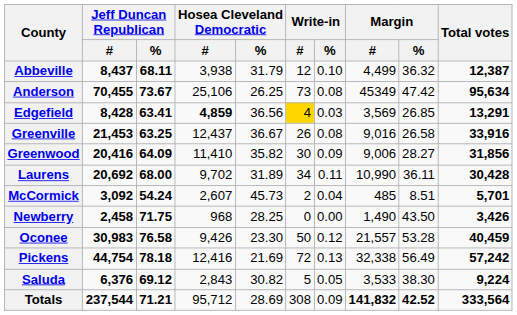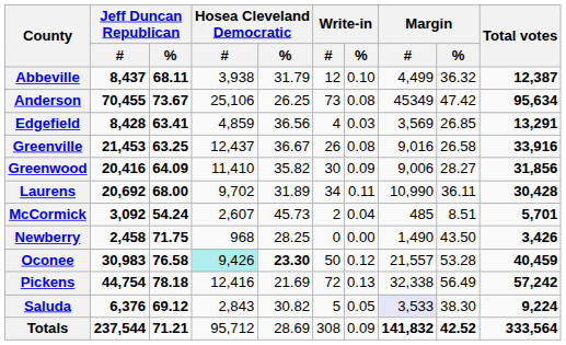 <table class="wikitable sortable"  style="text-align:right">
 <tr>
 <th rowspan="2">County</th>
 <th colspan="2"><a href='#'>Jeff Duncan</a><br><a href='#'>Republican</a></th>
 <th colspan="2">Hosea Cleveland<br><a href='#'>Democratic</a></th>
 <th colspan="2">Write-in</th>
 <th colspan="2">Margin</th>
 <th rowspan="2">Total votes</th>
 </tr>
 <tr>
 <th data-sort-type="number" style="text-align:center;">#</th>
 <th data-sort-type="number" style="text-align:center;">%</th>
 <th data-sort-type="number" style="text-align:center;">#</th>
 <th data-sort-type="number" style="text-align:center;">%</th>
 <th data-sort-type="number" style="text-align:center;">#</th>
 <th data-sort-type="number" style="text-align:center;">%</th>
 <th data-sort-type="number" style="text-align:center;">#</th>
 <th data-sort-type="number" style="text-align:center;">%</th>
 </tr>
 <tr>
 <th><a href='#'>Abbeville</a></th>
 <td><strong>8,437</strong></td>
 <td><strong>68.11</strong></td>
 <td>3,938</td>
 <td>31.79</td>
 <td>12</td>
 <td>0.10</td>
 <td>4,499</td>
 <td>36.32</td>
 <td><strong>12,387</strong></td>
 </tr>
 <tr>
 <th><a href='#'>Anderson</a></th>
 <td><strong>70,455</strong></td>
 <td><strong>73.67</strong></td>
 <td>25,106</td>
 <td>26.25</td>
 <td>73</td>
 <td>0.08</td>
 <td>45349</td>
 <td>47.42</td>
 <td><strong>95,634</strong></td>
 </tr>
 <tr>
 <th><a href='#'>Edgefield</a></th>
 <td><strong>8,428</strong></td>
 <td><strong>63.41</strong></td>
-<td><strong>4,859</strong></td>
+<td>4,859</td>
 <td>36.56</td>
-<td style="background: gold;">4</td>
+<td>4</td>
 <td>0.03</td>
 <td>3,569</td>
 <td>26.85</td>
 <td><strong>13,291</strong></td>
 </tr>
 <tr>
 <th><a href='#'>Greenville</a> </th>
 <td><strong>21,453</strong></td>
 <td><strong>63.25</strong></td>
 <td>12,437</td>
 <td>36.67</td>
 <td>26</td>
 <td>0.08</td>
 <td>9,016</td>
 <td>26.58</td>
 <td><strong>33,916</strong></td>
 </tr>
 <tr>
 <th><a href='#'>Greenwood</a></th>
 <td><strong>20,416</strong></td>
 <td><strong>64.09</strong></td>
 <td>11,410</td>
 <td>35.82</td>
 <td>30</td>
 <td>0.09</td>
 <td>9,006</td>
 <td>28.27</td>
 <td><strong>31,856</strong></td>
 </tr>
 <tr>
 <th><a href='#'>Laurens</a></th>
 <td><strong>20,692</strong></td>
 <td><strong>68.00</strong></td>
 <td>9,702</td>
 <td>31.89</td>
 <td>34</td>
 <td>0.11</td>
 <td>10,990</td>
 <td>36.11</td>
 <td><strong>30,428</strong></td>
 </tr>
 <tr>
 <th><a href='#'>McCormick</a></th>
 <td><strong>3,092</strong></td>
 <td><strong>54.24</strong></td>
 <td>2,607</td>
 <td>45.73</td>
 <td>2</td>
 <td>0.04</td>
 <td>485</td>
 <td>8.51</td>
 <td><strong>5,701</strong></td>
 </tr>
 <tr>
 <th><a href='#'>Newberry</a> </th>
 <td><strong>2,458</strong></td>
 <td><strong>71.75</strong></td>
 <td>968</td>
 <td>28.25</td>
 <td>0</td>
 <td>0.00</td>
 <td>1,490</td>
 <td>43.50</td>
 <td><strong>3,426</strong></td>
 </tr>
 <tr>
 <th><a href='#'>Oconee</a></th>
 <td><strong>30,983</strong></td>
 <td><strong>76.58</strong></td>
-<td>9,426</td>
-<td>23.30</td>
+<td style="background: paleturquoise;">9,426</td>
+<td><strong>23.30</strong></td>
 <td>50</td>
 <td>0.12</td>
 <td>21,557</td>
 <td>53.28</td>
 <td><strong>40,459</strong></td>
 </tr>
 <tr>
 <th><a href='#'>Pickens</a></th>
 <td><strong>44,754</strong></td>
 <td><strong>78.18</strong></td>
 <td>12,416</td>
 <td>21.69</td>
 <td>72</td>
 <td>0.13</td>
 <td>32,338</td>
 <td>56.49</td>
 <td><strong>57,242</strong></td>
 </tr>
 <tr>
 <th><a href='#'>Saluda</a></th>
 <td><strong>6,376</strong></td>
 <td><strong>69.12</strong></td>
 <td>2,843</td>
 <td>30.82</td>
 <td>5</td>
 <td>0.05</td>
-<td>3,533</td>
+<td style="background: lavender;">3,533</td>
 <td>38.30</td>
 <td><strong>9,224</strong></td>
 </tr>
 <tr>
 <th data-sort-value="ZZZ">Totals</th>
 <td><strong>237,544</strong></td>
 <td><strong>71.21</strong></td>
 <td>95,712</td>
 <td>28.69</td>
 <td>308</td>
 <td>0.09</td>
 <td><strong>141,832</strong></td>
 <td><strong>42.52</strong></td>
 <td><strong>333,564</strong></td>
 </tr>
 </table>
